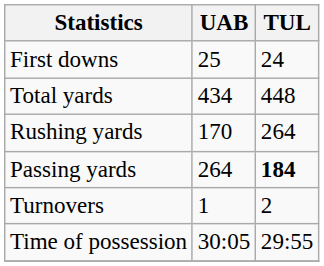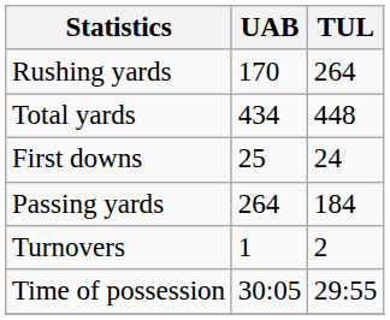 <table class="wikitable" style="float: left;">
 <tr>
 <th>Statistics</th>
 <th>UAB</th>
 <th>TUL</th>
 </tr>
 <tr>
-<td>First downs</td>
-<td>25</td>
-<td>24</td>
+<td>Rushing yards</td>
+<td>170</td>
+<td>264</td>
 </tr>
 <tr>
 <td>Total yards</td>
 <td>434</td>
 <td>448</td>
 </tr>
 <tr>
-<td>Rushing yards</td>
-<td>170</td>
-<td>264</td>
+<td>First downs</td>
+<td>25</td>
+<td>24</td>
 </tr>
 <tr>
 <td>Passing yards</td>
 <td>264</td>
-<td><strong>184</strong></td>
+<td>184</td>
 </tr>
 <tr>
 <td>Turnovers</td>
 <td>1</td>
 <td>2</td>
 </tr>
 <tr>
 <td>Time of possession</td>
 <td>30:05</td>
 <td>29:55</td>
 </tr>
 <tr>
 </tr>
 </table>
